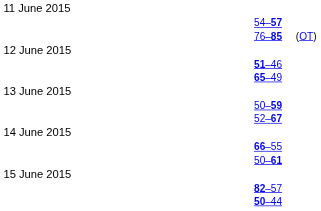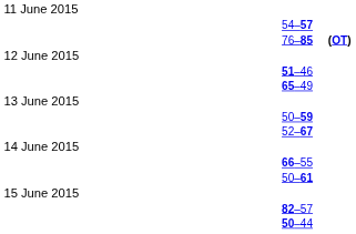 <table style="width:100%;" cellspacing="1">
 <tr>
 <th width=25%></th>
 <th width=2%></th>
 <th width=6%></th>
 <th width=2%></th>
 <th width=25%></th>
 </tr>
 <tr>
 <td>11 June 2015</td>
 </tr>
 <tr style=font-size:90%>
 <td align=right><strong></strong></td>
 <td></td>
 <td align=center><a href='#'>54–<strong>57</strong></a></td>
 <td></td>
 <td><strong></strong></td>
 <td></td>
 </tr>
 <tr style=font-size:90%>
 <td align=right><strong></strong></td>
 <td></td>
 <td align=center><a href='#'>76–<strong>85</strong></a></td>
-<td>(<a href='#'>OT</a>)</td>
+<td><strong>(<a href='#'>OT</a>)</strong></td>
 <td><strong></strong></td>
 <td></td>
 </tr>
 <tr>
 <td>12 June 2015</td>
 </tr>
 <tr style=font-size:90%>
 <td align=right><strong></strong></td>
 <td></td>
 <td align=center><a href='#'><strong>51</strong>–46</a></td>
 <td></td>
 <td><strong></strong></td>
 <td></td>
 </tr>
 <tr style=font-size:90%>
 <td align=right><strong></strong></td>
 <td></td>
 <td align=center><a href='#'><strong>65</strong>–49</a></td>
 <td></td>
 <td><strong></strong></td>
 <td></td>
 </tr>
 <tr>
 <td>13 June 2015</td>
 </tr>
 <tr style=font-size:90%>
 <td align=right><strong></strong></td>
 <td></td>
 <td align=center><a href='#'>50–<strong>59</strong></a></td>
 <td></td>
 <td><strong></strong></td>
 <td></td>
 </tr>
 <tr style=font-size:90%>
 <td align=right><strong></strong></td>
 <td></td>
 <td align=center><a href='#'>52–<strong>67</strong></a></td>
 <td></td>
 <td><strong></strong></td>
 <td></td>
 </tr>
 <tr>
 <td>14 June 2015</td>
 </tr>
 <tr style=font-size:90%>
 <td align=right><strong></strong></td>
 <td></td>
 <td align=center><a href='#'><strong>66</strong>–55</a></td>
 <td></td>
 <td><strong></strong></td>
 <td></td>
 </tr>
 <tr style=font-size:90%>
 <td align=right><strong></strong></td>
 <td></td>
 <td align=center><a href='#'>50–<strong>61</strong></a></td>
 <td></td>
 <td><strong></strong></td>
 <td></td>
 </tr>
 <tr>
 <td>15 June 2015</td>
 </tr>
 <tr style=font-size:90%>
 <td align=right><strong></strong></td>
 <td></td>
 <td align=center><a href='#'><strong>82</strong>–57</a></td>
 <td></td>
 <td><strong></strong></td>
 <td></td>
 </tr>
 <tr style=font-size:90%>
 <td align=right><strong></strong></td>
 <td></td>
 <td align=center><a href='#'><strong>50</strong>–44</a></td>
 <td></td>
 <td><strong></strong></td>
 <td></td>
 </tr>
 </table>
